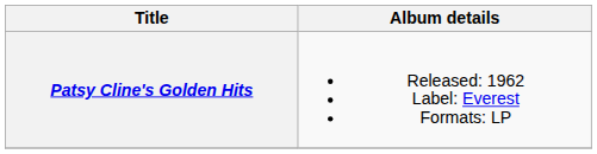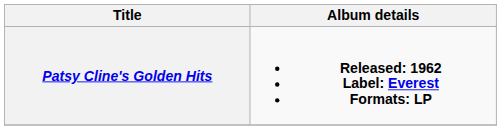 <table class="wikitable plainrowheaders" style="text-align:center;">
 <tr>
 <th scope="col" style="width:17em;">Title</th>
 <th scope="col" style="width:17em;">Album details</th>
 </tr>
 <tr>
 <th scope="row"><em><a href='#'>Patsy Cline's Golden Hits</a></em></th>
-<td><br><ul><li>Released: 1962</li><li>Label: <a href='#'>Everest</a> </li><li>Formats: LP</li></ul></td>
+<td><strong><br><ul><li>Released: 1962</li><li>Label: <a href='#'>Everest</a> </li><li>Formats: LP</li></ul></strong></td>
 </tr>
 <tr>
 </tr>
 </table>
